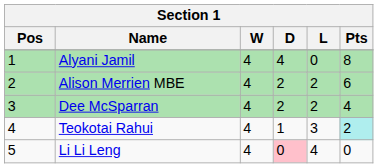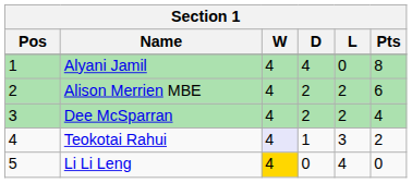 <table class="wikitable">
 <tr>
 <th colspan="6">Section 1</th>
 </tr>
 <tr>
 <th width=50>Pos</th>
 <th width=200>Name</th>
 <th width=30>W</th>
 <th width=30>D</th>
 <th width=30>L</th>
 <th width=30>Pts</th>
 </tr>
 <tr>
 </tr>
 <tr style="background:#ACE1AF;">
 <td>1</td>
 <td> <a href='#'>Alyani Jamil</a></td>
 <td>4</td>
 <td>4</td>
 <td>0</td>
 <td>8</td>
 </tr>
 <tr style="background:#ACE1AF;">
 <td>2</td>
 <td> <a href='#'>Alison Merrien</a> MBE</td>
 <td>4</td>
 <td>2</td>
 <td>2</td>
 <td>6</td>
 </tr>
 <tr style="background:#ACE1AF;">
 <td>3</td>
 <td> <a href='#'>Dee McSparran</a></td>
 <td>4</td>
 <td>2</td>
 <td>2</td>
 <td>4</td>
 </tr>
 <tr>
 <td>4</td>
 <td> <a href='#'>Teokotai Rahui</a></td>
-<td>4</td>
+<td style="background: lavender;">4</td>
 <td>1</td>
 <td>3</td>
-<td style="background: paleturquoise;">2</td>
+<td>2</td>
 </tr>
 <tr>
 <td>5</td>
 <td> <a href='#'>Li Li Leng</a></td>
-<td>4</td>
-<td style="background: pink;">0</td>
+<td style="background: gold;">4</td>
+<td>0</td>
 <td>4</td>
 <td>0</td>
 </tr>
 </table>
